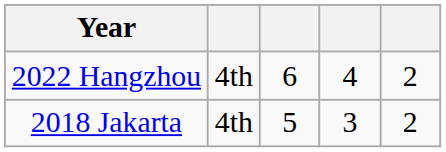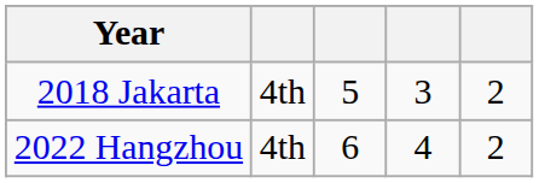 <table class = "wikitable" style = "text-align: center;">
 <tr>
 <th>Year</th>
 <th></th>
 <th width = 25px></th>
 <th width = 25px></th>
 <th width = 25px></th>
 </tr>
 <tr>
+<td> <a href='#'> 2018 Jakarta</a></td>
+<td>4th</td>
+<td>5</td>
+<td>3</td>
+<td>2</td>
+</tr>
+<tr>
 <td> <a href='#'> 2022 Hangzhou</a></td>
 <td>4th</td>
 <td>6</td>
 <td>4</td>
 <td>2</td>
 </tr>
-<tr>
-<td> <a href='#'> 2018 Jakarta</a></td>
-<td>4th</td>
-<td>5</td>
-<td>3</td>
-<td>2</td>
-</tr>
 </table>
